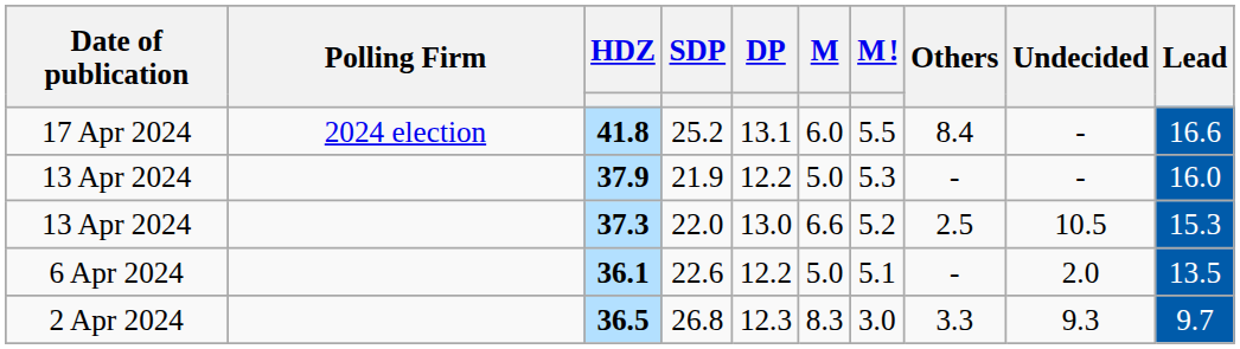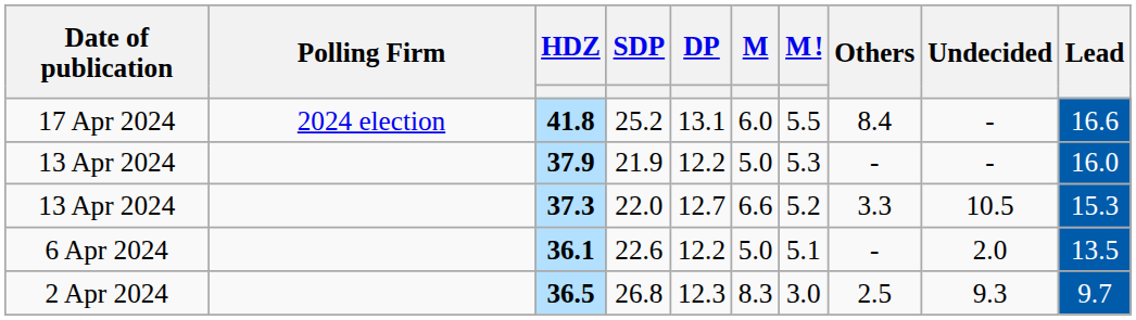 <table class="wikitable sortable" style="text-align:center; font-size:90%; line-height:16px;">
 <tr style="height:42px;">
 <th style="width:100px;" rowspan="2">Date of publication</th>
 <th style="width:165px;" rowspan="2">Polling Firm</th>
 <th><a href='#'>HDZ</a></th>
 <th><a href='#'>SDP</a></th>
 <th><a href='#'>DP</a></th>
 <th><a href='#'>M</a></th>
 <th style="letter-spacing:-1px;"><a href='#'>M !</a></th>
 <th class="unsortable" style="width:40px;" rowspan="2">Others</th>
 <th class="unsortable" style="width:40px;" rowspan="2">Undecided</th>
 <th class="unsortable" style="width:20px;" rowspan="2">Lead</th>
 </tr>
 <tr>
 <th style="color:inherit;background:"></th>
 <th data-sort-type="number" style="color:inherit;background:"></th>
 <th style="color:inherit;background:"></th>
 <th style="color:inherit;background:"></th>
 <th style="color:inherit;background:"></th>
 </tr>
 <tr>
 <td>17 Apr 2024</td>
 <td><a href='#'>2024 election</a></td>
 <td style="background:#B3E0FF"><strong>41.8</strong></td>
 <td>25.2</td>
 <td>13.1</td>
 <td>6.0</td>
 <td>5.5</td>
 <td>8.4</td>
 <td>-</td>
 <td style="background:#005BAA; color: white">16.6</td>
 </tr>
 <tr>
 <td>13 Apr 2024</td>
 <td></td>
 <td style="background:#B3E0FF"><strong>37.9</strong></td>
 <td>21.9</td>
 <td>12.2</td>
 <td>5.0</td>
 <td>5.3</td>
 <td>-</td>
 <td>-</td>
 <td style="background:#005BAA; color: white">16.0</td>
 </tr>
 <tr>
 <td>13 Apr 2024</td>
 <td></td>
 <td style="background:#B3E0FF"><strong>37.3</strong></td>
 <td>22.0</td>
-<td>13.0</td>
+<td>12.7</td>
 <td>6.6</td>
 <td>5.2</td>
-<td>2.5</td>
+<td>3.3</td>
 <td>10.5</td>
 <td style="background:#005BAA; color: white">15.3</td>
 </tr>
 <tr>
 <td>6 Apr 2024</td>
 <td></td>
 <td style="background:#B3E0FF"><strong>36.1</strong></td>
 <td>22.6</td>
 <td>12.2</td>
 <td>5.0</td>
 <td>5.1</td>
 <td>-</td>
 <td>2.0</td>
 <td style="background:#005BAA; color: white">13.5</td>
 </tr>
 <tr>
 <td>2 Apr 2024</td>
 <td></td>
 <td style="background:#B3E0FF"><strong>36.5</strong></td>
 <td>26.8</td>
 <td>12.3</td>
 <td>8.3</td>
 <td>3.0</td>
-<td>3.3</td>
+<td>2.5</td>
 <td>9.3</td>
 <td style="background:#005BAA; color: white">9.7</td>
 </tr>
 </table>
